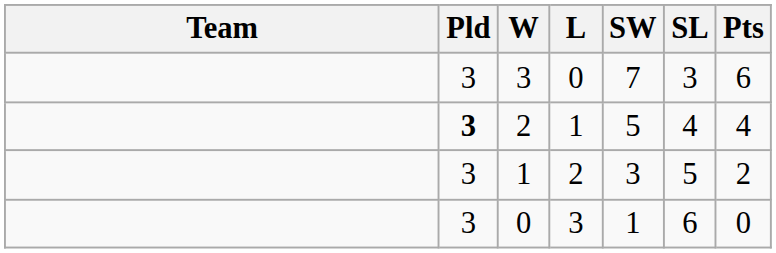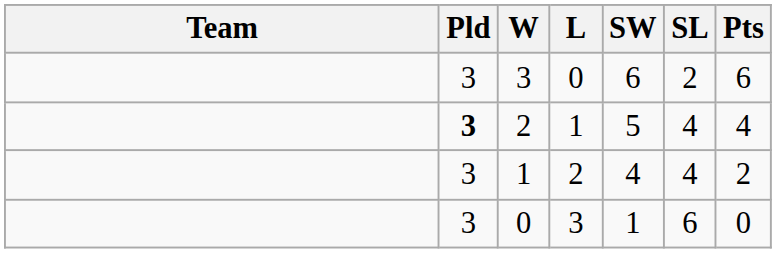 <table class=wikitable style="text-align:center">
 <tr>
 <th width=220>Team</th>
 <th width=20>Pld</th>
 <th width=20>W</th>
 <th width=20>L</th>
 <th width=20>SW</th>
 <th width=20>SL</th>
 <th width=20>Pts</th>
 </tr>
 <tr>
 <td align=left></td>
 <td>3</td>
 <td>3</td>
 <td>0</td>
-<td>7</td>
-<td>3</td>
+<td>6</td>
+<td>2</td>
 <td>6</td>
 </tr>
 <tr>
 <td align=left></td>
 <td><strong>3</strong></td>
 <td>2</td>
 <td>1</td>
 <td>5</td>
 <td>4</td>
 <td>4</td>
 </tr>
 <tr>
 <td align=left></td>
 <td>3</td>
 <td>1</td>
 <td>2</td>
-<td>3</td>
-<td>5</td>
+<td>4</td>
+<td>4</td>
 <td>2</td>
 </tr>
 <tr>
 <td align=left></td>
 <td>3</td>
 <td>0</td>
 <td>3</td>
 <td>1</td>
 <td>6</td>
 <td>0</td>
 </tr>
 </table>
